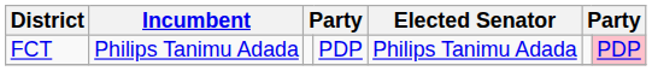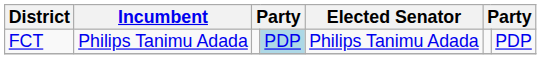 <table class="sortable wikitable" style="font-size:95%;line-height:14px;">
 <tr>
 <th class="unsortable">District</th>
 <th class="unsortable"><a href='#'>Incumbent</a></th>
 <th colspan="2">Party</th>
 <th class="unsortable">Elected Senator</th>
 <th colspan="2">Party</th>
 </tr>
 <tr>
 <td><a href='#'>FCT</a></td>
 <td><a href='#'>Philips Tanimu Adada</a></td>
 <td style="background:"></td>
-<td><a href='#'>PDP</a></td>
+<td style="background: lightblue;"><a href='#'>PDP</a></td>
 <td><a href='#'>Philips Tanimu Adada</a></td>
 <td style="background:"></td>
-<td style="background: pink;"><a href='#'>PDP</a></td>
+<td><a href='#'>PDP</a></td>
 </tr>
 <tr>
 </tr>
 </table>
